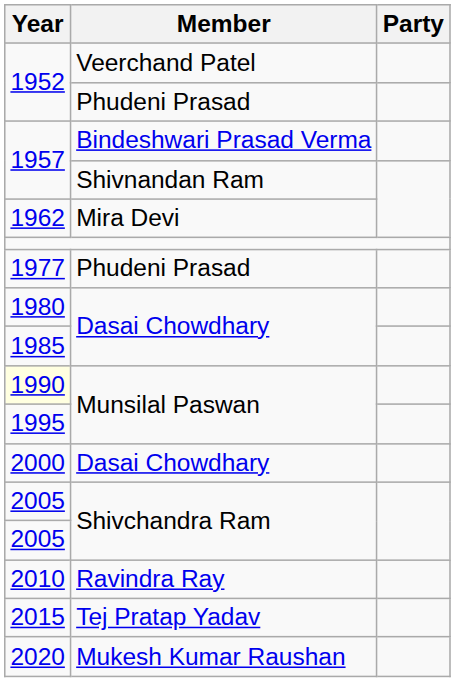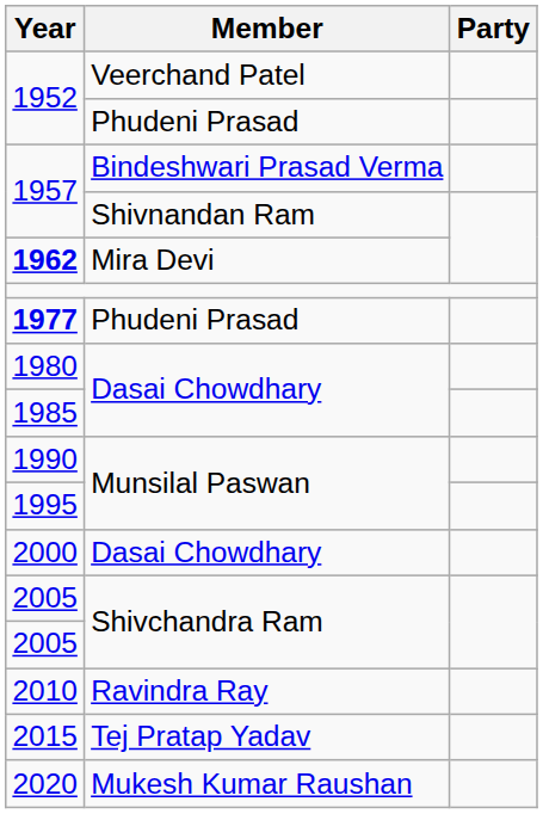 <table class="wikitable sortable">
 <tr>
 <th>Year</th>
 <th>Member</th>
 <th colspan="2">Party</th>
 </tr>
 <tr>
 <td rowspan="2"><a href='#'>1952</a></td>
 <td>Veerchand Patel</td>
 <td></td>
 </tr>
 <tr>
 <td>Phudeni Prasad</td>
 <td></td>
 </tr>
 <tr>
 <td rowspan="2"><a href='#'>1957</a></td>
 <td><a href='#'>Bindeshwari Prasad Verma</a></td>
 <td></td>
 </tr>
 <tr>
 <td>Shivnandan Ram</td>
 </tr>
 <tr>
-<td><a href='#'>1962</a></td>
+<td><strong><a href='#'>1962</a></strong></td>
 <td>Mira Devi</td>
 </tr>
 <tr>
 <td colspan="4"></td>
 </tr>
 <tr>
-<td><a href='#'>1977</a></td>
+<td><strong><a href='#'>1977</a></strong></td>
 <td>Phudeni Prasad</td>
 <td></td>
 </tr>
 <tr>
 <td><a href='#'>1980</a></td>
 <td rowspan="2"><a href='#'>Dasai Chowdhary</a></td>
 <td></td>
 </tr>
 <tr>
 <td><a href='#'>1985</a></td>
 <td></td>
 </tr>
 <tr>
-<td style="background: lightyellow;"><a href='#'>1990</a></td>
+<td><a href='#'>1990</a></td>
 <td rowspan="2">Munsilal Paswan</td>
 <td></td>
 </tr>
 <tr>
 <td><a href='#'>1995</a></td>
 </tr>
 <tr>
 <td><a href='#'>2000</a></td>
 <td><a href='#'>Dasai Chowdhary</a></td>
 <td></td>
 </tr>
 <tr>
 <td><a href='#'>2005</a></td>
 <td rowspan="2">Shivchandra Ram</td>
 </tr>
 <tr>
 <td><a href='#'>2005</a></td>
 </tr>
 <tr>
 <td><a href='#'>2010</a></td>
 <td><a href='#'>Ravindra Ray</a></td>
 <td></td>
 </tr>
 <tr>
 <td><a href='#'>2015</a></td>
 <td><a href='#'>Tej Pratap Yadav</a></td>
 <td></td>
 </tr>
 <tr>
 <td><a href='#'>2020</a></td>
 <td><a href='#'>Mukesh Kumar Raushan</a></td>
 </tr>
 </table>
